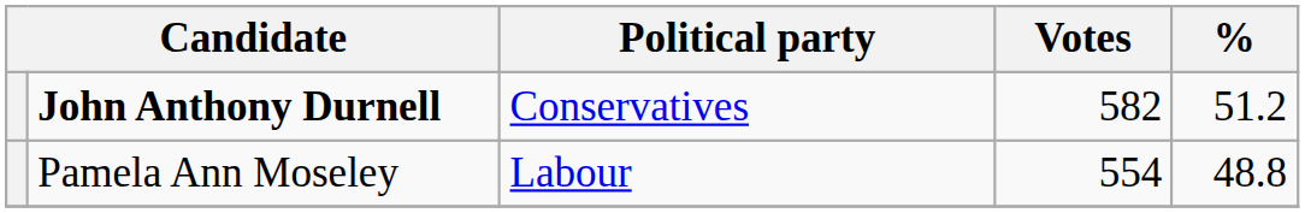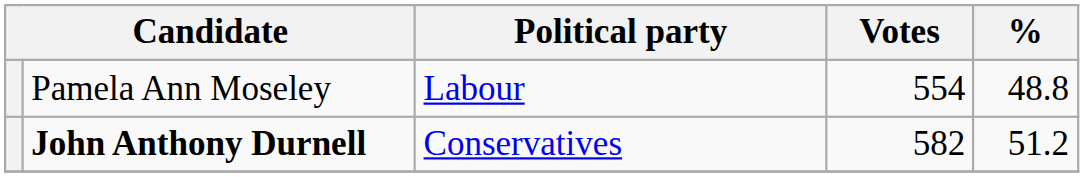 <table class="wikitable">
 <tr>
 <th valign=top colspan="2" style="width: 180px">Candidate</th>
 <th valign=top style="width: 180px">Political party</th>
 <th valign=top style="width: 60px">Votes</th>
 <th valign=top style="width: 40px">%</th>
 </tr>
 <tr>
 <th style="background-color: "></th>
+<td>Pamela Ann Moseley</td>
+<td><a href='#'>Labour</a></td>
+<td align="right">554</td>
+<td align="right">48.8</td>
+</tr>
+<tr>
+<th style="background-color: "></th>
 <td><strong>John Anthony Durnell</strong></td>
 <td><a href='#'>Conservatives</a></td>
 <td align="right">582</td>
 <td align="right">51.2</td>
 </tr>
 <tr>
-<th style="background-color: "></th>
-<td>Pamela Ann Moseley</td>
-<td><a href='#'>Labour</a></td>
-<td align="right">554</td>
-<td align="right">48.8</td>
-</tr>
-<tr>
 </tr>
 </table>
